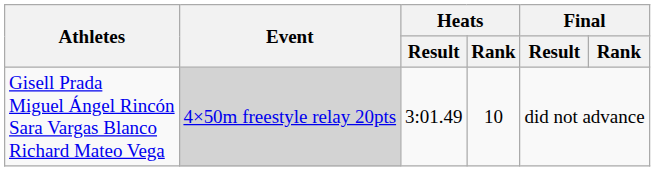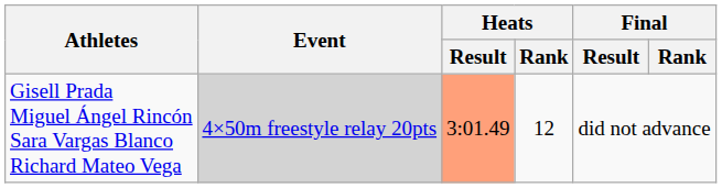 <table class=wikitable style="font-size:95%">
 <tr>
 <th rowspan="2">Athletes</th>
 <th rowspan="2">Event</th>
 <th colspan="2">Heats</th>
 <th colspan="2">Final</th>
 </tr>
 <tr>
 <th>Result</th>
 <th>Rank</th>
 <th>Result</th>
 <th>Rank</th>
 </tr>
 <tr align=center>
 <td align=left><a href='#'>Gisell Prada</a><br><a href='#'>Miguel Ángel Rincón</a><br><a href='#'>Sara Vargas Blanco</a><br><a href='#'>Richard Mateo Vega</a></td>
 <td align=left style="background: lightgrey;"><a href='#'>4×50m freestyle relay 20pts</a></td>
-<td>3:01.49</td>
-<td>10</td>
+<td style="background: lightsalmon;">3:01.49</td>
+<td>12</td>
 <td colspan=2>did not advance</td>
 </tr>
 </table>
